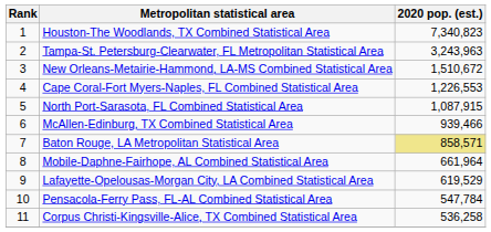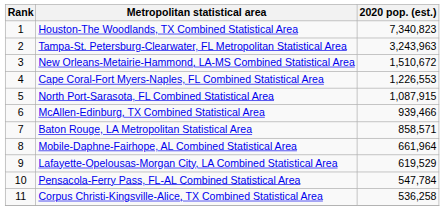 <table class="wikitable sortable" style="margin:1em auto;">
 <tr>
 <th>Rank</th>
 <th>Metropolitan statistical area</th>
 <th>2020 pop. (est.)</th>
 </tr>
 <tr>
 <td align=center>1</td>
 <td><a href='#'>Houston-The Woodlands, TX Combined Statistical Area</a></td>
 <td align=right>7,340,823</td>
 </tr>
 <tr>
 <td align=center>2</td>
 <td><a href='#'>Tampa-St. Petersburg-Clearwater, FL Metropolitan Statistical Area</a></td>
 <td align=right>3,243,963</td>
 </tr>
 <tr>
 <td align=center>3</td>
 <td><a href='#'>New Orleans-Metairie-Hammond, LA-MS Combined Statistical Area</a></td>
 <td align=right>1,510,672</td>
 </tr>
 <tr>
 <td align=center>4</td>
 <td><a href='#'>Cape Coral-Fort Myers-Naples, FL Combined Statistical Area</a></td>
 <td align=right>1,226,553</td>
 </tr>
 <tr>
 <td align=center>5</td>
 <td><a href='#'>North Port-Sarasota, FL Combined Statistical Area</a></td>
 <td align=right>1,087,915</td>
 </tr>
 <tr>
 <td align=center>6</td>
 <td><a href='#'>McAllen-Edinburg, TX Combined Statistical Area</a></td>
 <td align=right>939,466</td>
 </tr>
 <tr>
 <td align=center>7</td>
 <td><a href='#'>Baton Rouge, LA Metropolitan Statistical Area</a></td>
-<td align=right style="background: khaki;">858,571</td>
+<td align=right>858,571</td>
 </tr>
 <tr>
 <td align=center>8</td>
 <td><a href='#'>Mobile-Daphne-Fairhope, AL Combined Statistical Area</a></td>
 <td align=right>661,964</td>
 </tr>
 <tr>
 <td align=center>9</td>
 <td><a href='#'>Lafayette-Opelousas-Morgan City, LA Combined Statistical Area</a></td>
 <td align=right>619,529</td>
 </tr>
 <tr>
 <td align=center>10</td>
 <td><a href='#'>Pensacola-Ferry Pass, FL-AL Combined Statistical Area</a></td>
 <td align=right>547,784</td>
 </tr>
 <tr>
 <td align=center>11</td>
 <td><a href='#'>Corpus Christi-Kingsville-Alice, TX Combined Statistical Area</a></td>
 <td align=right>536,258</td>
 </tr>
 <tr>
 </tr>
 </table>
